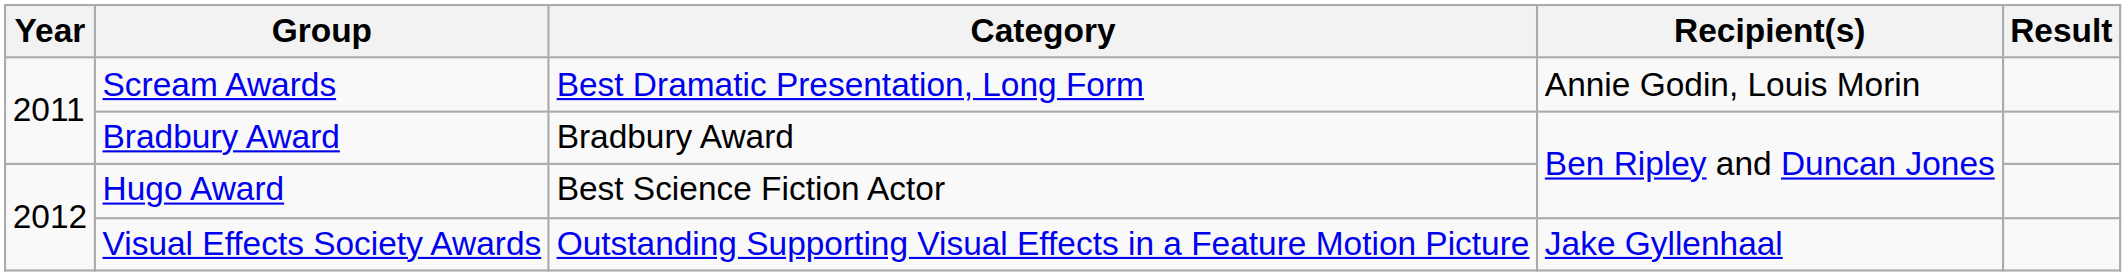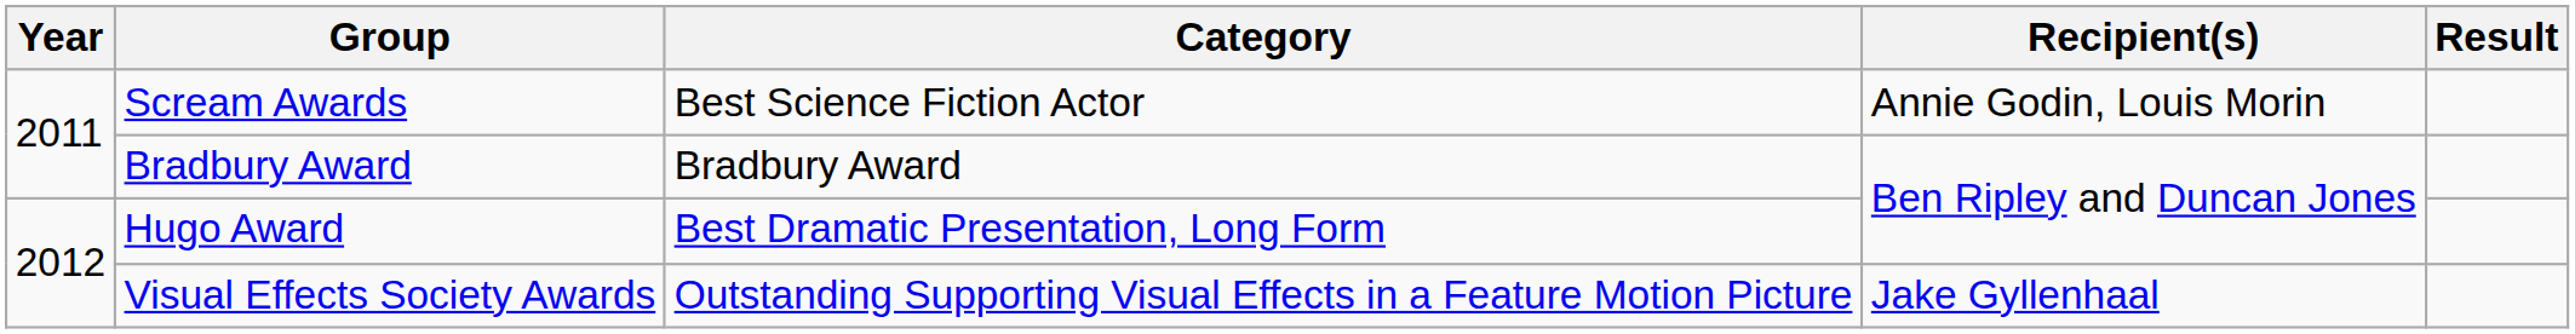 <table class="wikitable">
 <tr>
 <th>Year</th>
 <th>Group</th>
 <th>Category</th>
 <th>Recipient(s)</th>
 <th>Result</th>
 </tr>
 <tr>
 <td rowspan="2">2011</td>
 <td><a href='#'>Scream Awards</a></td>
-<td><a href='#'>Best Dramatic Presentation, Long Form</a></td>
+<td>Best Science Fiction Actor</td>
 <td>Annie Godin, Louis Morin</td>
 <td></td>
 </tr>
 <tr>
 <td><a href='#'>Bradbury Award</a></td>
 <td>Bradbury Award</td>
 <td rowspan="2"><a href='#'>Ben Ripley</a> and <a href='#'>Duncan Jones</a></td>
 <td></td>
 </tr>
 <tr>
 <td rowspan="2">2012</td>
 <td><a href='#'>Hugo Award</a></td>
-<td>Best Science Fiction Actor</td>
+<td><a href='#'>Best Dramatic Presentation, Long Form</a></td>
 <td></td>
 </tr>
 <tr>
 <td><a href='#'>Visual Effects Society Awards</a></td>
 <td><a href='#'>Outstanding Supporting Visual Effects in a Feature Motion Picture</a></td>
 <td><a href='#'>Jake Gyllenhaal</a></td>
 <td></td>
 </tr>
 </table>
